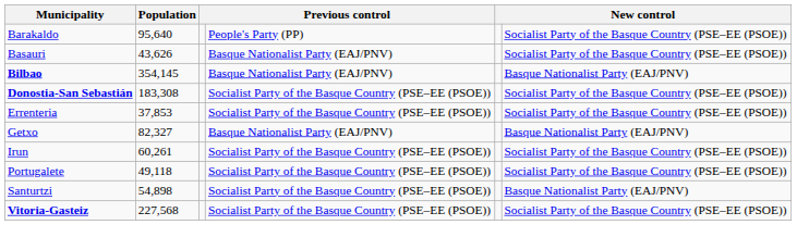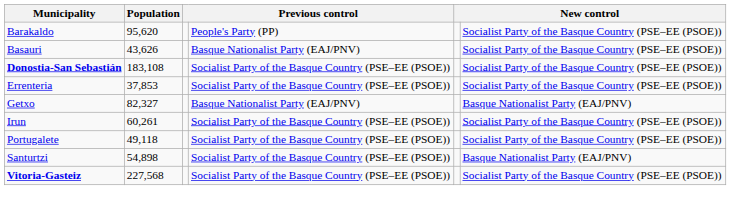 <table class="wikitable sortable">
 <tr>
 <th>Municipality</th>
 <th>Population</th>
 <th colspan="2" style="width:375px;">Previous control</th>
 <th colspan="2" style="width:375px;">New control</th>
 </tr>
 <tr>
 <td><a href='#'>Barakaldo</a></td>
-<td>95,640</td>
+<td>95,620</td>
 <td width="1" style="color:inherit;background:"></td>
 <td><a href='#'>People's Party</a> (PP)</td>
 <td width="1" style="color:inherit;background:"></td>
 <td><a href='#'>Socialist Party of the Basque Country</a> (PSE–EE (PSOE))</td>
 </tr>
 <tr>
 <td><a href='#'>Basauri</a></td>
 <td>43,626</td>
 <td style="color:inherit;background:"></td>
 <td><a href='#'>Basque Nationalist Party</a> (EAJ/PNV)</td>
 <td style="color:inherit;background:"></td>
 <td><a href='#'>Socialist Party of the Basque Country</a> (PSE–EE (PSOE))</td>
 </tr>
 <tr>
-<td><strong><a href='#'>Bilbao</a></strong></td>
-<td>354,145</td>
-<td style="color:inherit;background:"></td>
-<td><a href='#'>Basque Nationalist Party</a> (EAJ/PNV)</td>
-<td style="color:inherit;background:"></td>
-<td><a href='#'>Basque Nationalist Party</a> (EAJ/PNV)</td>
-</tr>
-<tr>
 <td><strong><a href='#'>Donostia-San Sebastián</a></strong></td>
-<td>183,308</td>
+<td>183,108</td>
 <td style="color:inherit;background:"></td>
 <td><a href='#'>Socialist Party of the Basque Country</a> (PSE–EE (PSOE))</td>
 <td style="color:inherit;background:"></td>
 <td><a href='#'>Socialist Party of the Basque Country</a> (PSE–EE (PSOE))</td>
 </tr>
 <tr>
 <td><a href='#'>Errenteria</a></td>
 <td>37,853</td>
 <td style="color:inherit;background:"></td>
 <td><a href='#'>Socialist Party of the Basque Country</a> (PSE–EE (PSOE))</td>
 <td style="color:inherit;background:"></td>
 <td><a href='#'>Socialist Party of the Basque Country</a> (PSE–EE (PSOE))</td>
 </tr>
 <tr>
 <td><a href='#'>Getxo</a></td>
 <td>82,327</td>
 <td style="color:inherit;background:"></td>
 <td><a href='#'>Basque Nationalist Party</a> (EAJ/PNV)</td>
 <td style="color:inherit;background:"></td>
 <td><a href='#'>Basque Nationalist Party</a> (EAJ/PNV)</td>
 </tr>
 <tr>
 <td><a href='#'>Irun</a></td>
 <td>60,261</td>
 <td style="color:inherit;background:"></td>
 <td><a href='#'>Socialist Party of the Basque Country</a> (PSE–EE (PSOE))</td>
 <td style="color:inherit;background:"></td>
 <td><a href='#'>Socialist Party of the Basque Country</a> (PSE–EE (PSOE))</td>
 </tr>
 <tr>
 <td><a href='#'>Portugalete</a></td>
 <td>49,118</td>
 <td style="color:inherit;background:"></td>
 <td><a href='#'>Socialist Party of the Basque Country</a> (PSE–EE (PSOE))</td>
 <td style="color:inherit;background:"></td>
 <td><a href='#'>Socialist Party of the Basque Country</a> (PSE–EE (PSOE))</td>
 </tr>
 <tr>
 <td><a href='#'>Santurtzi</a></td>
 <td>54,898</td>
 <td style="color:inherit;background:"></td>
 <td><a href='#'>Socialist Party of the Basque Country</a> (PSE–EE (PSOE))</td>
 <td style="color:inherit;background:"></td>
 <td><a href='#'>Basque Nationalist Party</a> (EAJ/PNV)</td>
 </tr>
 <tr>
 <td><strong><a href='#'>Vitoria-Gasteiz</a></strong></td>
 <td>227,568</td>
 <td style="color:inherit;background:"></td>
 <td><a href='#'>Socialist Party of the Basque Country</a> (PSE–EE (PSOE))</td>
 <td style="color:inherit;background:"></td>
 <td><a href='#'>Socialist Party of the Basque Country</a> (PSE–EE (PSOE))</td>
 </tr>
 </table>
